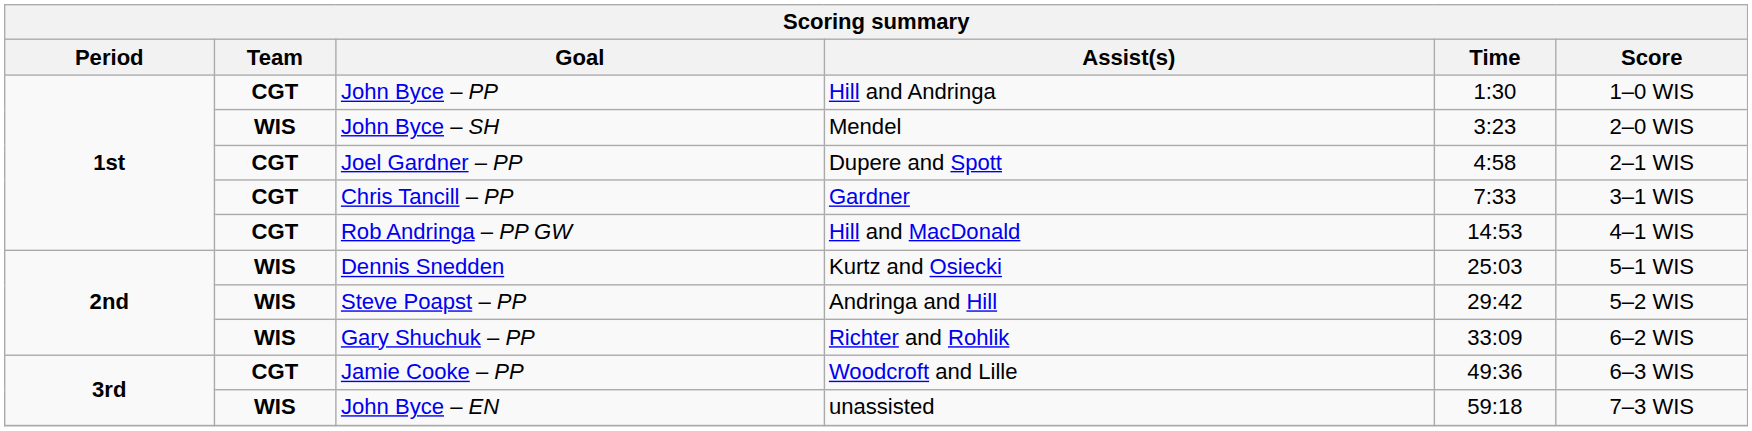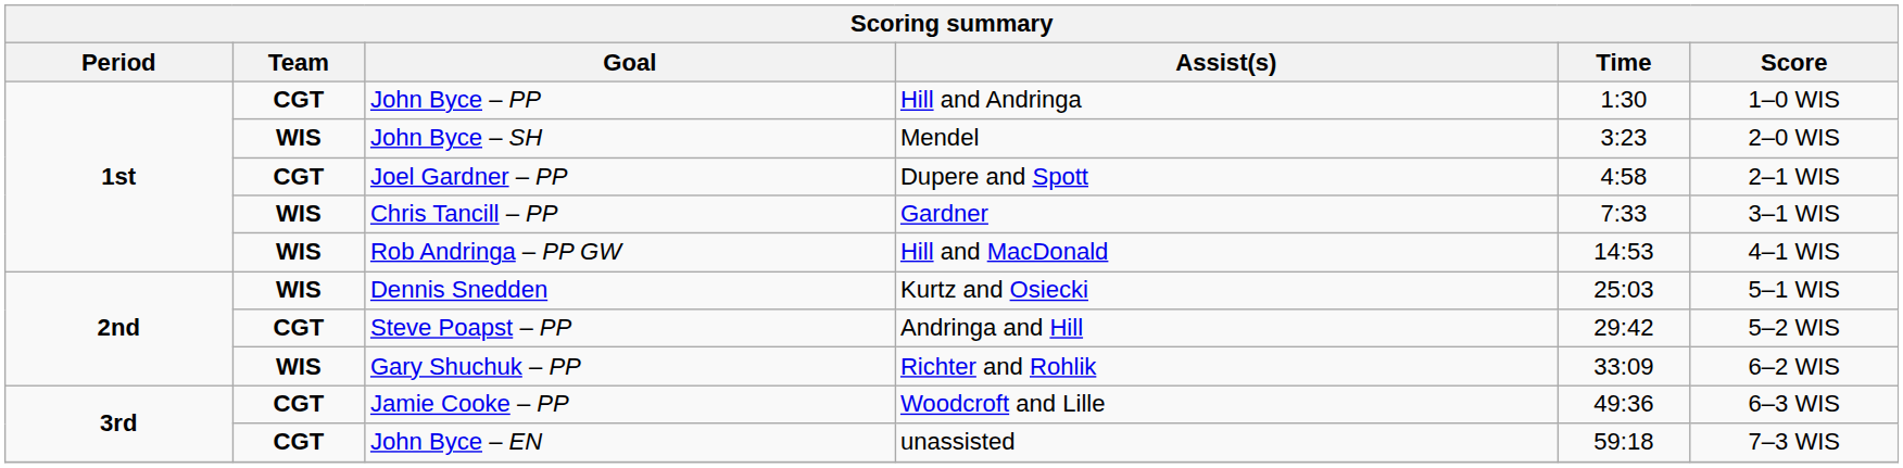 <table style="width:100%;" class="wikitable">
 <tr>
 <th colspan=6>Scoring summary</th>
 </tr>
 <tr>
 <th style="width:12%;">Period</th>
 <th style="width:7%;">Team</th>
 <th style="width:28%;">Goal</th>
 <th style="width:35%;">Assist(s)</th>
 <th style="width:7%;">Time</th>
 <th style="width:11%;">Score</th>
 </tr>
 <tr>
 <td style="text-align:center;" rowspan="5"><strong>1st</strong></td>
 <td align=center><strong>CGT</strong></td>
 <td><a href='#'>John Byce</a> – <em>PP</em></td>
 <td><a href='#'>Hill</a> and Andringa</td>
 <td align=center>1:30</td>
 <td align=center>1–0 WIS</td>
 </tr>
 <tr>
 <td align=center><strong>WIS</strong></td>
 <td><a href='#'>John Byce</a> – <em>SH</em></td>
 <td>Mendel</td>
 <td align=center>3:23</td>
 <td align=center>2–0 WIS</td>
 </tr>
 <tr>
 <td align=center><strong>CGT</strong></td>
 <td><a href='#'>Joel Gardner</a> – <em>PP</em></td>
 <td>Dupere and <a href='#'>Spott</a></td>
 <td align=center>4:58</td>
 <td align=center>2–1 WIS</td>
 </tr>
 <tr>
-<td align=center><strong>CGT</strong></td>
+<td align=center><strong>WIS</strong></td>
 <td><a href='#'>Chris Tancill</a> – <em>PP</em></td>
 <td><a href='#'>Gardner</a></td>
 <td align=center>7:33</td>
 <td align=center>3–1 WIS</td>
 </tr>
 <tr>
-<td align=center><strong>CGT</strong></td>
+<td align=center><strong>WIS</strong></td>
 <td><a href='#'>Rob Andringa</a> – <em>PP GW</em></td>
 <td><a href='#'>Hill</a> and <a href='#'>MacDonald</a></td>
 <td align=center>14:53</td>
 <td align=center>4–1 WIS</td>
 </tr>
 <tr>
 <td style="text-align:center;" rowspan="3"><strong>2nd</strong></td>
 <td align=center><strong>WIS</strong></td>
 <td><a href='#'>Dennis Snedden</a></td>
 <td>Kurtz and <a href='#'>Osiecki</a></td>
 <td align=center>25:03</td>
 <td align=center>5–1 WIS</td>
 </tr>
 <tr>
-<td align=center><strong>WIS</strong></td>
+<td align=center><strong>CGT</strong></td>
 <td><a href='#'>Steve Poapst</a> – <em>PP</em></td>
 <td>Andringa and <a href='#'>Hill</a></td>
 <td align=center>29:42</td>
 <td align=center>5–2 WIS</td>
 </tr>
 <tr>
 <td align=center><strong>WIS</strong></td>
 <td><a href='#'>Gary Shuchuk</a> – <em>PP</em></td>
 <td><a href='#'>Richter</a> and <a href='#'>Rohlik</a></td>
 <td align=center>33:09</td>
 <td align=center>6–2 WIS</td>
 </tr>
 <tr>
 <td style="text-align:center;" rowspan="2"><strong>3rd</strong></td>
 <td align=center><strong>CGT</strong></td>
 <td><a href='#'>Jamie Cooke</a> – <em>PP</em></td>
 <td><a href='#'>Woodcroft</a> and Lille</td>
 <td align=center>49:36</td>
 <td align=center>6–3 WIS</td>
 </tr>
 <tr>
-<td align=center><strong>WIS</strong></td>
+<td align=center><strong>CGT</strong></td>
 <td><a href='#'>John Byce</a> – <em>EN</em></td>
 <td>unassisted</td>
 <td align=center>59:18</td>
 <td align=center>7–3 WIS</td>
 </tr>
 <tr>
 </tr>
 </table>
